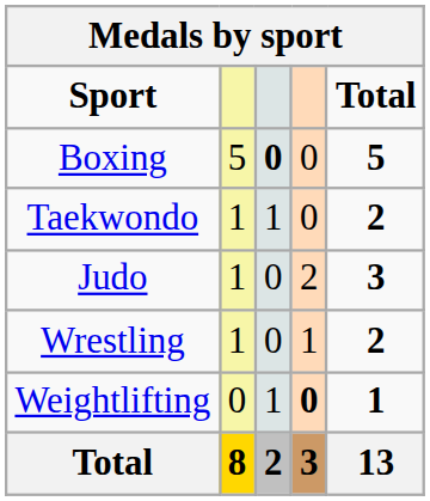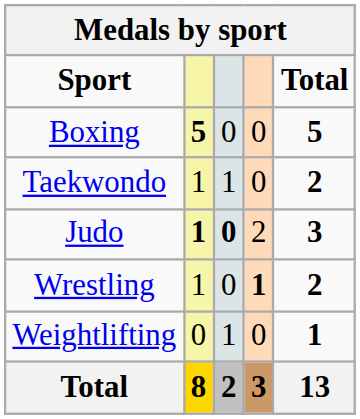 <table class="wikitable" style=font-size:85%;float:center;text-align:center>
 <tr style="background:#efefef;">
 <th colspan=5><strong>Medals by sport</strong></th>
 </tr>
 <tr align=center>
 <td><strong>Sport</strong></td>
 <td bgcolor=#f7f6a8></td>
 <td bgcolor=#dce5e5></td>
 <td bgcolor=#ffdab9></td>
 <td><strong>Total</strong></td>
 </tr>
 <tr align=center>
 <td><a href='#'>Boxing</a></td>
-<td style="background:#F7F6A8;">5</td>
-<td style="background:#DCE5E5;"><strong>0</strong></td>
+<td style="background:#F7F6A8;"><strong>5</strong></td>
+<td style="background:#DCE5E5;">0</td>
 <td style="background:#FFDAB9;">0</td>
 <td><strong>5</strong></td>
 </tr>
 <tr align=center>
 <td><a href='#'>Taekwondo</a></td>
 <td style="background:#F7F6A8;">1</td>
 <td style="background:#DCE5E5;">1</td>
 <td style="background:#FFDAB9;">0</td>
 <td><strong>2</strong></td>
 </tr>
 <tr align=center>
 <td><a href='#'>Judo</a></td>
-<td style="background:#F7F6A8;">1</td>
-<td style="background:#DCE5E5;">0</td>
+<td style="background:#F7F6A8;"><strong>1</strong></td>
+<td style="background:#DCE5E5;"><strong>0</strong></td>
 <td style="background:#FFDAB9;">2</td>
 <td><strong>3</strong></td>
 </tr>
 <tr align=center>
 <td><a href='#'>Wrestling</a></td>
 <td style="background:#F7F6A8;">1</td>
 <td style="background:#DCE5E5;">0</td>
-<td style="background:#FFDAB9;">1</td>
+<td style="background:#FFDAB9;"><strong>1</strong></td>
 <td><strong>2</strong></td>
 </tr>
 <tr align=center>
 <td><a href='#'>Weightlifting</a></td>
 <td style="background:#F7F6A8;">0</td>
 <td style="background:#DCE5E5;">1</td>
-<td style="background:#FFDAB9;"><strong>0</strong></td>
+<td style="background:#FFDAB9;">0</td>
 <td><strong>1</strong></td>
 </tr>
 <tr align=center>
 <th><strong>Total</strong></th>
 <th style="background:gold;"><strong>8</strong></th>
 <th style="background:silver;"><strong>2</strong></th>
 <th style="background:#c96;"><strong>3</strong></th>
 <th><strong>13</strong></th>
 </tr>
 </table>
